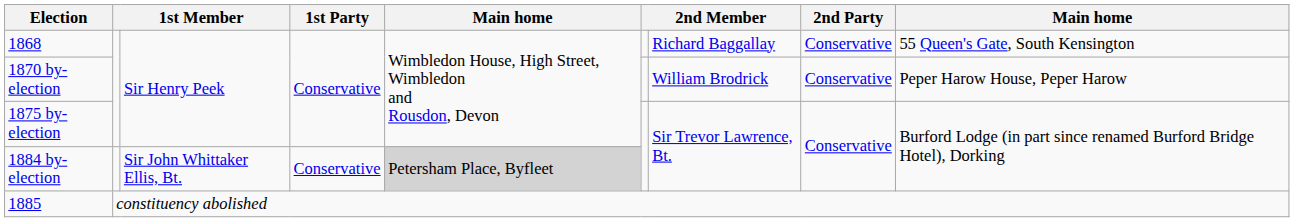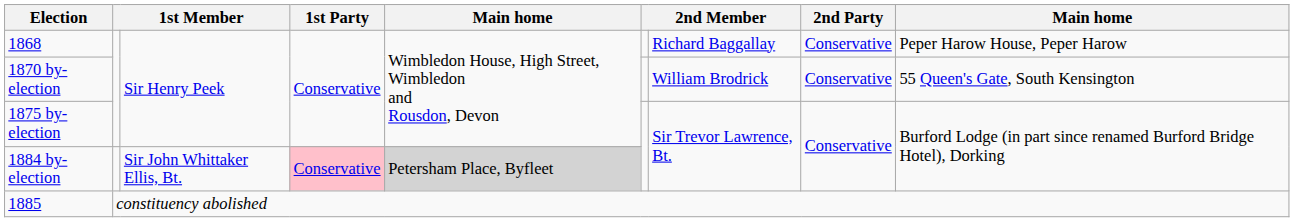 <table class="wikitable">
 <tr>
 <th>Election</th>
 <th colspan="2">1st Member</th>
 <th>1st Party</th>
 <th>Main home</th>
 <th colspan="2">2nd Member</th>
 <th>2nd Party</th>
 <th>Main home</th>
 </tr>
 <tr>
 <td><a href='#'>1868</a></td>
 <td rowspan="3" style="color:inherit;background-color: "></td>
 <td rowspan="3"><a href='#'>Sir Henry Peek</a></td>
 <td rowspan="3"><a href='#'>Conservative</a></td>
 <td rowspan="3">Wimbledon House, High Street, Wimbledon<br>and<br><a href='#'>Rousdon</a>, Devon</td>
 <td style="color:inherit;background-color: "></td>
 <td><a href='#'>Richard Baggallay</a></td>
 <td><a href='#'>Conservative</a></td>
-<td>55 <a href='#'>Queen's Gate</a>, South Kensington</td>
+<td>Peper Harow House, Peper Harow</td>
 </tr>
 <tr>
 <td><a href='#'>1870 by-election</a></td>
 <td style="color:inherit;background-color: "></td>
 <td><a href='#'>William Brodrick</a></td>
 <td><a href='#'>Conservative</a></td>
-<td>Peper Harow House, Peper Harow</td>
+<td>55 <a href='#'>Queen's Gate</a>, South Kensington</td>
 </tr>
 <tr>
 <td><a href='#'>1875 by-election</a></td>
 <td rowspan="2" style="color:inherit;background-color: "></td>
 <td rowspan="2"><a href='#'>Sir Trevor Lawrence, Bt.</a></td>
 <td rowspan="2"><a href='#'>Conservative</a></td>
 <td rowspan="2">Burford Lodge (in part since renamed Burford Bridge Hotel), Dorking</td>
 </tr>
 <tr>
 <td><a href='#'>1884 by-election</a></td>
 <td style="color:inherit;background-color: "></td>
 <td><a href='#'>Sir John Whittaker Ellis, Bt.</a></td>
-<td><a href='#'>Conservative</a></td>
+<td style="background: pink;"><a href='#'>Conservative</a></td>
 <td style="background: lightgrey;">Petersham Place, Byfleet</td>
 </tr>
 <tr>
 <td><a href='#'>1885</a></td>
 <td colspan="8"><em>constituency abolished</em></td>
 </tr>
 </table>
